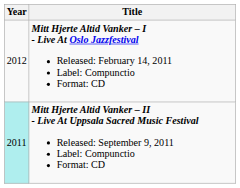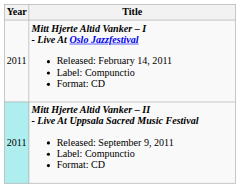 <table class="wikitable">
 <tr>
 <th>Year</th>
 <th style="width:225px;">Title</th>
 </tr>
 <tr>
-<td>2012</td>
+<td>2011</td>
 <td style="width:20em"><strong><em>Mitt Hjerte Altid Vanker – I <br>- Live At <a href='#'>Oslo Jazzfestival</a></em></strong><br><ul><li>Released: February 14, 2011</li><li>Label: Compunctio  </li><li>Format: CD</li></ul></td>
 </tr>
 <tr>
 <td style="background: paleturquoise;">2011</td>
 <td style="width:20em"><strong><em>Mitt Hjerte Altid Vanker – II <br>- Live At Uppsala Sacred Music Festival</em></strong><br><ul><li>Released: September 9, 2011</li><li>Label: Compunctio  </li><li>Format: CD</li></ul></td>
 </tr>
 </table>
